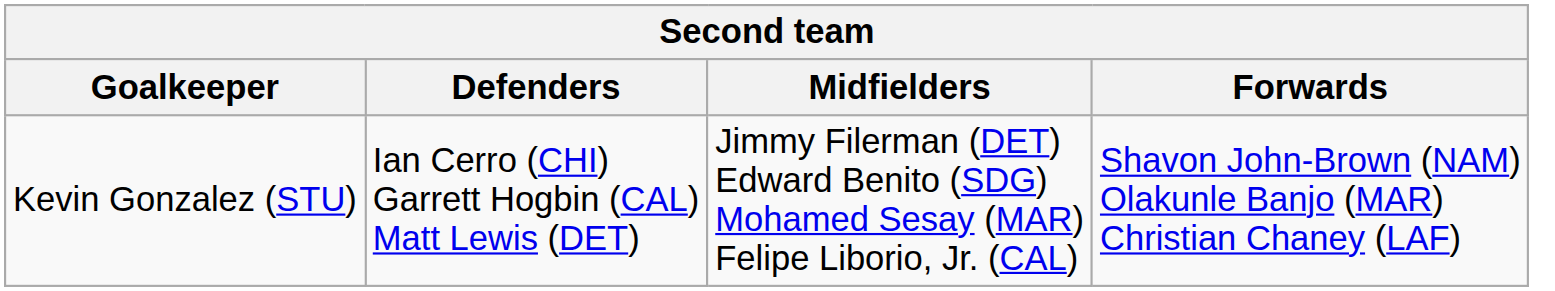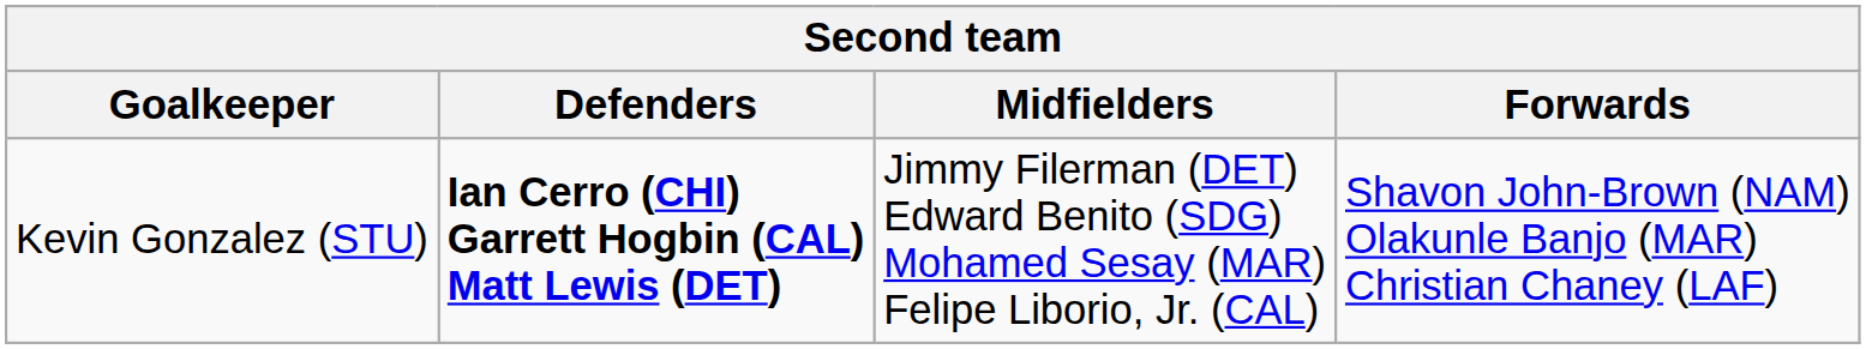 <table class="wikitable">
 <tr>
 <th colspan="4">Second team</th>
 </tr>
 <tr>
 <th>Goalkeeper</th>
 <th>Defenders</th>
 <th>Midfielders</th>
 <th>Forwards</th>
 </tr>
 <tr>
 <td> Kevin Gonzalez (<a href='#'>STU</a>)</td>
-<td> Ian Cerro (<a href='#'>CHI</a>)<br> Garrett Hogbin (<a href='#'>CAL</a>)<br> <a href='#'>Matt Lewis</a> (<a href='#'>DET</a>)</td>
+<td><strong> Ian Cerro (<a href='#'>CHI</a>)<br> Garrett Hogbin (<a href='#'>CAL</a>)<br> <a href='#'>Matt Lewis</a> (<a href='#'>DET</a>)</strong></td>
 <td> Jimmy Filerman (<a href='#'>DET</a>)<br> Edward Benito (<a href='#'>SDG</a>)<br> <a href='#'>Mohamed Sesay</a> (<a href='#'>MAR</a>)<br> Felipe Liborio, Jr. (<a href='#'>CAL</a>)</td>
 <td> <a href='#'>Shavon John-Brown</a> (<a href='#'>NAM</a>)<br> <a href='#'>Olakunle Banjo</a> (<a href='#'>MAR</a>)<br> <a href='#'>Christian Chaney</a> (<a href='#'>LAF</a>)</td>
 </tr>
 </table>
